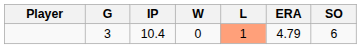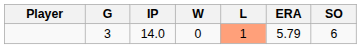 <table class="wikitable sortable">
 <tr>
 <th bgcolor="#DDDDFF" width="16%">Player</th>
 <th bgcolor="#DDDDFF" width="9%">G</th>
 <th bgcolor="#DDDDFF" width="9%">IP</th>
 <th bgcolor="#DDDDFF" width="9%">W</th>
 <th bgcolor="#DDDDFF" width="9%">L</th>
 <th bgcolor="#DDDDFF" width="9%">ERA</th>
 <th bgcolor="#DDDDFF" width="9%">SO</th>
 </tr>
 <tr align="center">
 <td></td>
 <td>3</td>
-<td>10.4</td>
+<td>14.0</td>
 <td>0</td>
 <td style="background: lightsalmon;">1</td>
-<td>4.79</td>
+<td>5.79</td>
 <td>6</td>
 </tr>
 </table>
